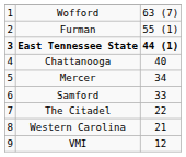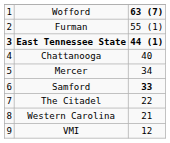 <table class="wikitable" style="display: inline-table;">
 <tr align="center">
 </tr>
 <tr align="center">
 <td>1</td>
 <td>Wofford</td>
-<td>63 (7)</td>
+<td><strong>63 (7)</strong></td>
 </tr>
 <tr align="center">
 <td>2</td>
 <td>Furman</td>
 <td>55 (1)</td>
 </tr>
 <tr align="center">
 <td><strong>3</strong></td>
 <td><strong>East Tennessee State</strong></td>
 <td><strong>44 (1)</strong></td>
 </tr>
 <tr align="center">
 <td>4</td>
 <td>Chattanooga</td>
 <td>40</td>
 </tr>
 <tr align="center">
 <td>5</td>
 <td>Mercer</td>
 <td>34</td>
 </tr>
 <tr align="center">
 <td>6</td>
 <td>Samford</td>
-<td>33</td>
+<td><strong>33</strong></td>
 </tr>
 <tr align="center">
 <td>7</td>
 <td>The Citadel</td>
 <td>22</td>
 </tr>
 <tr align="center">
 <td>8</td>
 <td>Western Carolina</td>
 <td>21</td>
 </tr>
 <tr align="center">
 <td>9</td>
 <td>VMI</td>
 <td>12</td>
 </tr>
 </table>
